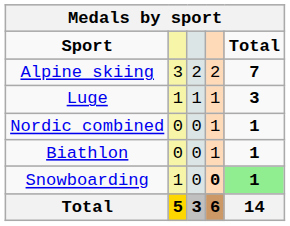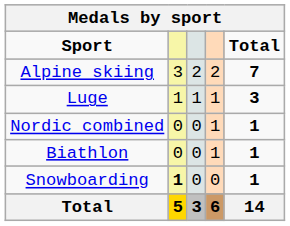 <table class="wikitable" style="font-size:85%;float:right">
 <tr style="background:#efefef;">
 <th colspan=5><strong>Medals by sport</strong></th>
 </tr>
 <tr align=center>
 <td><strong>Sport</strong></td>
 <td bgcolor=#f7f6a8></td>
 <td bgcolor=#dce5e5></td>
 <td bgcolor=#ffdab9></td>
 <td><strong>Total</strong></td>
 </tr>
 <tr align=center>
 <td><a href='#'>Alpine skiing</a></td>
 <td style="background:#F7F6A8;">3</td>
 <td style="background:#DCE5E5;">2</td>
 <td style="background:#FFDAB9;">2</td>
 <td><strong>7</strong></td>
 </tr>
 <tr align=center>
 <td><a href='#'>Luge</a></td>
 <td style="background:#F7F6A8;">1</td>
 <td style="background:#DCE5E5;">1</td>
 <td style="background:#FFDAB9;">1</td>
 <td><strong>3</strong></td>
 </tr>
 <tr align=center>
 <td><a href='#'>Nordic combined</a></td>
 <td style="background:#F7F6A8;">0</td>
 <td style="background:#DCE5E5;">0</td>
 <td style="background:#FFDAB9;">1</td>
 <td><strong>1</strong></td>
 </tr>
 <tr align=center>
 <td><a href='#'>Biathlon</a></td>
 <td style="background:#F7F6A8;">0</td>
 <td style="background:#DCE5E5;">0</td>
 <td style="background:#FFDAB9;">1</td>
 <td><strong>1</strong></td>
 </tr>
 <tr align=center>
 <td><a href='#'>Snowboarding</a></td>
-<td style="background:#F7F6A8;">1</td>
+<td style="background:#F7F6A8;"><strong>1</strong></td>
 <td style="background:#DCE5E5;">0</td>
-<td style="background:#FFDAB9;"><strong>0</strong></td>
-<td style="background: lightgreen;"><strong>1</strong></td>
+<td style="background:#FFDAB9;">0</td>
+<td><strong>1</strong></td>
 </tr>
 <tr align=center>
 <th><strong>Total</strong></th>
 <th style="background:gold;"><strong>5</strong></th>
 <th style="background:silver;"><strong>3</strong></th>
 <th style="background:#c96;"><strong>6</strong></th>
 <th><strong>14</strong></th>
 </tr>
 </table>
